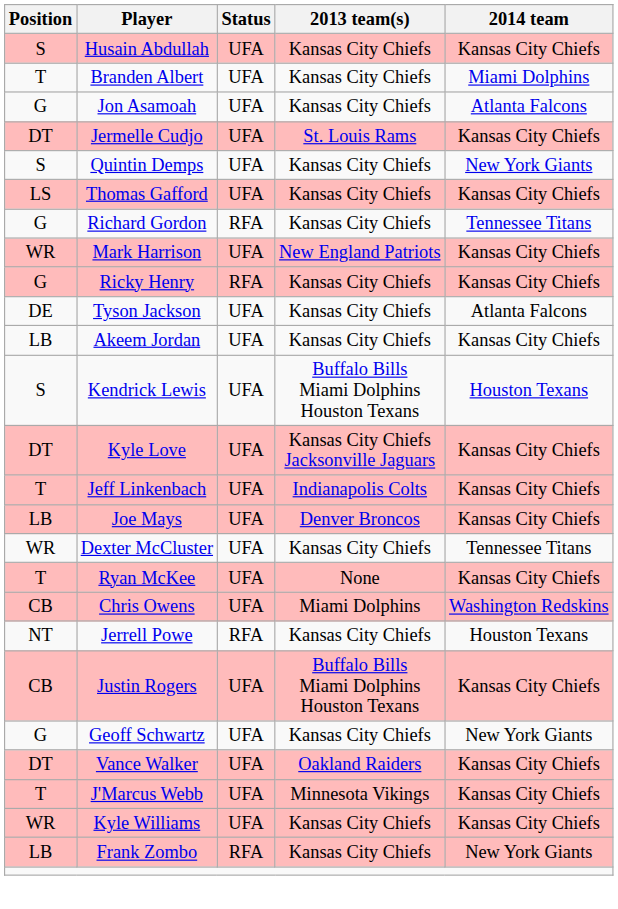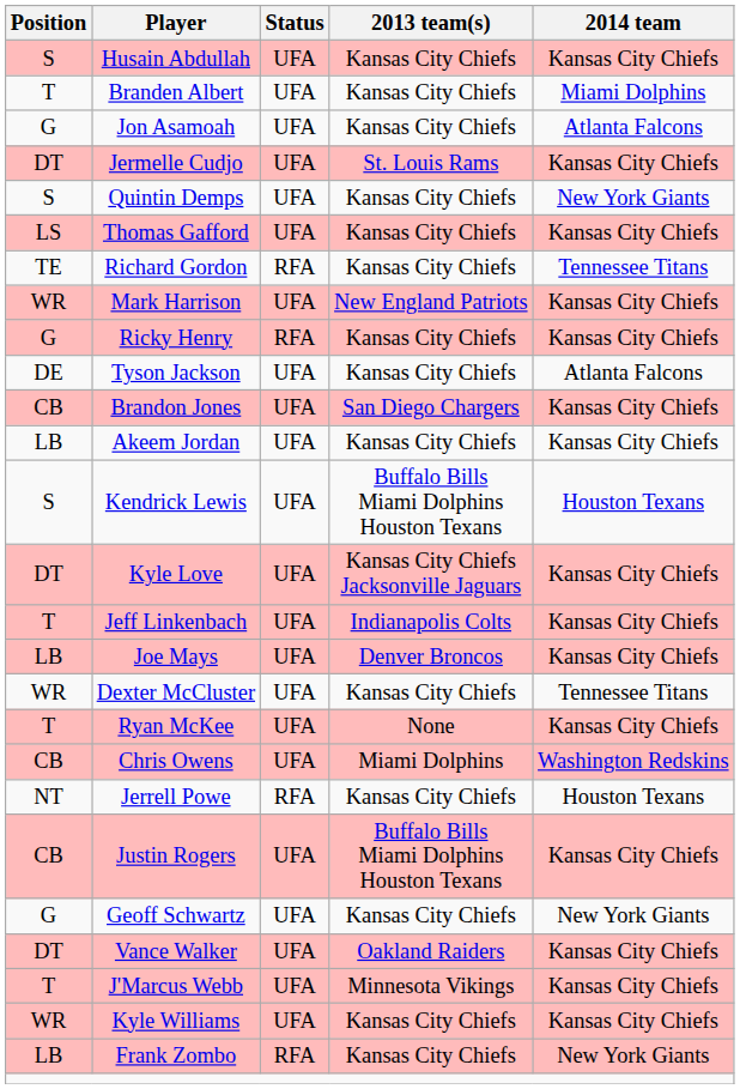 <table class="wikitable sortable" style="text-align:center">
 <tr>
 <th>Position</th>
 <th>Player</th>
 <th>Status</th>
 <th>2013 team(s)</th>
 <th>2014 team</th>
 </tr>
 <tr style="background:#fbb">
 <td>S</td>
 <td><a href='#'>Husain Abdullah</a></td>
 <td>UFA</td>
 <td>Kansas City Chiefs</td>
 <td>Kansas City Chiefs</td>
 </tr>
 <tr>
 <td>T</td>
 <td><a href='#'>Branden Albert</a></td>
 <td>UFA</td>
 <td>Kansas City Chiefs</td>
 <td><a href='#'>Miami Dolphins</a></td>
 </tr>
 <tr>
 <td>G</td>
 <td><a href='#'>Jon Asamoah</a></td>
 <td>UFA</td>
 <td>Kansas City Chiefs</td>
 <td><a href='#'>Atlanta Falcons</a></td>
 </tr>
 <tr style="background:#fbb">
 <td>DT</td>
 <td><a href='#'>Jermelle Cudjo</a></td>
 <td>UFA</td>
 <td><a href='#'>St. Louis Rams</a></td>
 <td>Kansas City Chiefs</td>
 </tr>
 <tr>
 <td>S</td>
 <td><a href='#'>Quintin Demps</a></td>
 <td>UFA</td>
 <td>Kansas City Chiefs</td>
 <td><a href='#'>New York Giants</a></td>
 </tr>
 <tr style="background:#fbb">
 <td>LS</td>
 <td><a href='#'>Thomas Gafford</a></td>
 <td>UFA</td>
 <td>Kansas City Chiefs</td>
 <td>Kansas City Chiefs</td>
 </tr>
 <tr>
-<td>G</td>
+<td>TE</td>
 <td><a href='#'>Richard Gordon</a></td>
 <td>RFA</td>
 <td>Kansas City Chiefs</td>
 <td><a href='#'>Tennessee Titans</a></td>
 </tr>
 <tr style="background:#fbb">
 <td>WR</td>
 <td><a href='#'>Mark Harrison</a></td>
 <td>UFA</td>
 <td><a href='#'>New England Patriots</a></td>
 <td>Kansas City Chiefs</td>
 </tr>
 <tr style="background:#fbb">
 <td>G</td>
 <td><a href='#'>Ricky Henry</a></td>
 <td>RFA</td>
 <td>Kansas City Chiefs</td>
 <td>Kansas City Chiefs</td>
 </tr>
 <tr>
 <td>DE</td>
 <td><a href='#'>Tyson Jackson</a></td>
 <td>UFA</td>
 <td>Kansas City Chiefs</td>
 <td>Atlanta Falcons</td>
+</tr>
+<tr style="background:#fbb">
+<td>CB</td>
+<td><a href='#'>Brandon Jones</a></td>
+<td>UFA</td>
+<td><a href='#'>San Diego Chargers</a></td>
+<td>Kansas City Chiefs</td>
 </tr>
 <tr>
 <td>LB</td>
 <td><a href='#'>Akeem Jordan</a></td>
 <td>UFA</td>
 <td>Kansas City Chiefs</td>
 <td>Kansas City Chiefs</td>
 </tr>
 <tr>
 <td>S</td>
 <td><a href='#'>Kendrick Lewis</a></td>
 <td>UFA</td>
 <td><a href='#'>Buffalo Bills</a><br>Miami Dolphins<br>Houston Texans</td>
 <td><a href='#'>Houston Texans</a></td>
 </tr>
 <tr style="background:#fbb">
 <td>DT</td>
 <td><a href='#'>Kyle Love</a></td>
 <td>UFA</td>
 <td>Kansas City Chiefs<br><a href='#'>Jacksonville Jaguars</a></td>
 <td>Kansas City Chiefs</td>
 </tr>
 <tr style="background:#fbb">
 <td>T</td>
 <td><a href='#'>Jeff Linkenbach</a></td>
 <td>UFA</td>
 <td><a href='#'>Indianapolis Colts</a></td>
 <td>Kansas City Chiefs</td>
 </tr>
 <tr style="background:#fbb">
 <td>LB</td>
 <td><a href='#'>Joe Mays</a></td>
 <td>UFA</td>
 <td><a href='#'>Denver Broncos</a></td>
 <td>Kansas City Chiefs</td>
 </tr>
 <tr>
 <td>WR</td>
 <td><a href='#'>Dexter McCluster</a></td>
 <td>UFA</td>
 <td>Kansas City Chiefs</td>
 <td>Tennessee Titans</td>
 </tr>
 <tr style="background:#fbb">
 <td>T</td>
 <td><a href='#'>Ryan McKee</a></td>
 <td>UFA</td>
 <td>None</td>
 <td>Kansas City Chiefs</td>
 </tr>
 <tr style="background:#fbb">
 <td>CB</td>
 <td><a href='#'>Chris Owens</a></td>
 <td>UFA</td>
 <td>Miami Dolphins</td>
 <td><a href='#'>Washington Redskins</a></td>
 </tr>
 <tr>
 <td>NT</td>
 <td><a href='#'>Jerrell Powe</a></td>
 <td>RFA</td>
 <td>Kansas City Chiefs</td>
 <td>Houston Texans</td>
 </tr>
 <tr style="text-align:center; background:#fbb">
 <td>CB</td>
 <td><a href='#'>Justin Rogers</a></td>
 <td>UFA</td>
 <td><a href='#'>Buffalo Bills</a><br>Miami Dolphins<br>Houston Texans</td>
 <td>Kansas City Chiefs</td>
 </tr>
 <tr>
 <td>G</td>
 <td><a href='#'>Geoff Schwartz</a></td>
 <td>UFA</td>
 <td>Kansas City Chiefs</td>
 <td>New York Giants</td>
 </tr>
 <tr style="text-align:center; background:#fbb">
 <td>DT</td>
 <td><a href='#'>Vance Walker</a></td>
 <td>UFA</td>
 <td><a href='#'>Oakland Raiders</a></td>
 <td>Kansas City Chiefs</td>
 </tr>
 <tr style="background:#fbb">
 <td>T</td>
 <td><a href='#'>J'Marcus Webb</a></td>
 <td>UFA</td>
 <td>Minnesota Vikings</td>
 <td>Kansas City Chiefs</td>
 </tr>
 <tr style="background:#fbb">
 <td>WR</td>
 <td><a href='#'>Kyle Williams</a></td>
 <td>UFA</td>
 <td>Kansas City Chiefs</td>
 <td>Kansas City Chiefs</td>
 </tr>
 <tr style="background:#fbb">
 <td>LB</td>
 <td><a href='#'>Frank Zombo</a></td>
 <td>RFA</td>
 <td>Kansas City Chiefs</td>
 <td>New York Giants</td>
 </tr>
 <tr>
 <td colspan=5></td>
 </tr>
 </table>
